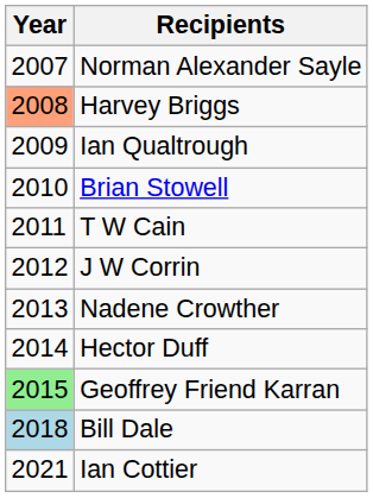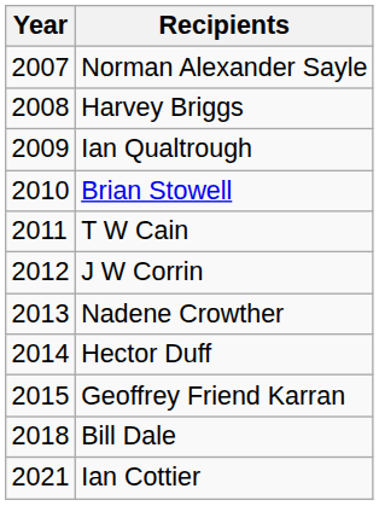 <table class="wikitable">
 <tr>
 <th>Year</th>
 <th>Recipients</th>
 </tr>
 <tr>
 <td>2007</td>
 <td>Norman Alexander Sayle</td>
 </tr>
 <tr>
-<td style="background: lightsalmon;">2008</td>
+<td>2008</td>
 <td>Harvey Briggs</td>
 </tr>
 <tr>
 <td>2009</td>
 <td>Ian Qualtrough</td>
 </tr>
 <tr>
 <td>2010</td>
 <td><a href='#'>Brian Stowell</a></td>
 </tr>
 <tr>
 <td>2011</td>
 <td>T W Cain</td>
 </tr>
 <tr>
 <td>2012</td>
 <td>J W Corrin</td>
 </tr>
 <tr>
 <td>2013</td>
 <td>Nadene Crowther</td>
 </tr>
 <tr>
 <td>2014</td>
 <td>Hector Duff</td>
 </tr>
 <tr>
-<td style="background: lightgreen;">2015</td>
+<td>2015</td>
 <td>Geoffrey Friend Karran</td>
 </tr>
 <tr>
-<td style="background: lightblue;">2018</td>
+<td>2018</td>
 <td>Bill Dale</td>
 </tr>
 <tr>
 <td>2021</td>
 <td>Ian Cottier </td>
 </tr>
 </table>
